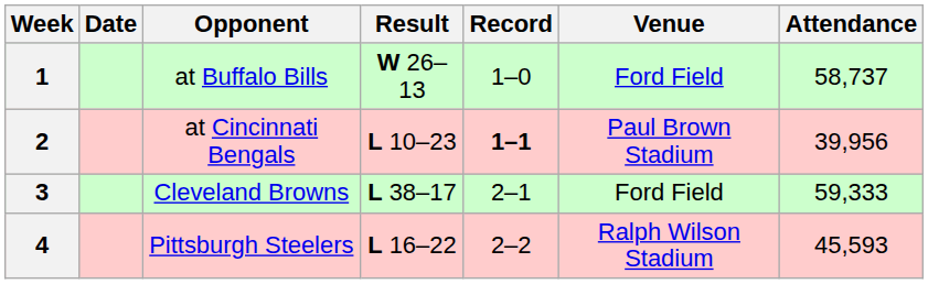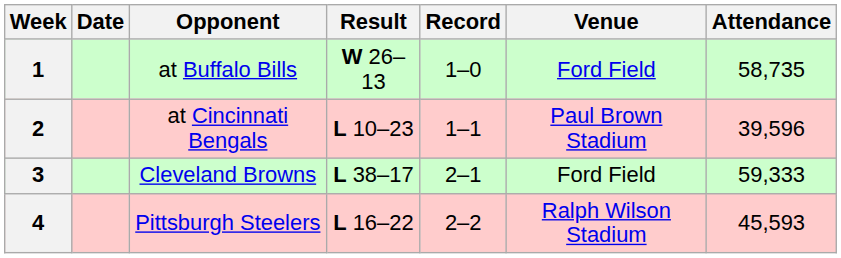 <table class="wikitable" style="text-align:center">
 <tr>
 <th>Week</th>
 <th>Date</th>
 <th>Opponent</th>
 <th>Result</th>
 <th>Record</th>
 <th>Venue</th>
 <th>Attendance</th>
 </tr>
 <tr style="background:#cfc">
 <th>1</th>
 <td></td>
 <td>at <a href='#'>Buffalo Bills</a></td>
 <td><strong>W</strong> 26–13</td>
 <td>1–0</td>
 <td><a href='#'>Ford Field</a></td>
-<td>58,737</td>
+<td>58,735</td>
 </tr>
 <tr style="background:#fcc">
 <th>2</th>
 <td></td>
 <td>at <a href='#'>Cincinnati Bengals</a></td>
 <td><strong>L</strong> 10–23</td>
-<td><strong>1–1</strong></td>
+<td>1–1</td>
 <td><a href='#'>Paul Brown Stadium</a></td>
-<td>39,956</td>
+<td>39,596</td>
 </tr>
 <tr style="background:#cfc">
 <th>3</th>
 <td></td>
 <td><a href='#'>Cleveland Browns</a></td>
 <td><strong>L</strong> 38–17</td>
 <td>2–1</td>
 <td>Ford Field</td>
 <td>59,333</td>
 </tr>
 <tr style="background:#fcc">
 <th>4</th>
 <td></td>
 <td><a href='#'>Pittsburgh Steelers</a></td>
 <td><strong>L</strong> 16–22</td>
 <td>2–2</td>
 <td><a href='#'>Ralph Wilson Stadium</a></td>
 <td>45,593</td>
 </tr>
 </table>
